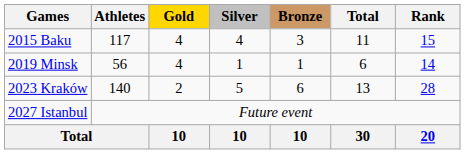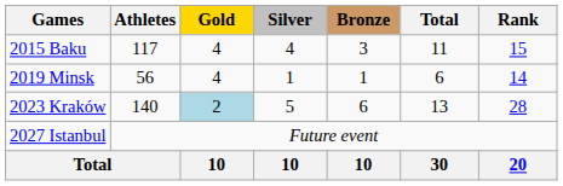 <table class="wikitable" style="text-align:center; font-size:90%;">
 <tr>
 <th>Games</th>
 <th>Athletes</th>
 <td style="background:gold; width:3.7em; font-weight:bold;">Gold</td>
 <td style="background:silver; width:3.7em; font-weight:bold;">Silver</td>
 <td style="background:#cc9966; width:3.7em; font-weight:bold;">Bronze</td>
 <th style="width:4em; font-weight:bold;">Total</th>
 <th style="width:4em; font-weight:bold;">Rank</th>
 </tr>
 <tr>
 <td align=left> <a href='#'>2015 Baku</a></td>
 <td>117</td>
 <td>4</td>
 <td>4</td>
 <td>3</td>
 <td>11</td>
 <td><a href='#'>15</a></td>
 </tr>
 <tr>
 <td align=left> <a href='#'>2019 Minsk</a></td>
 <td>56</td>
 <td>4</td>
 <td>1</td>
 <td>1</td>
 <td>6</td>
 <td><a href='#'>14</a></td>
 </tr>
 <tr>
 <td align=left> <a href='#'>2023 Kraków</a></td>
 <td>140</td>
-<td>2</td>
+<td style="background: lightblue;">2</td>
 <td>5</td>
 <td>6</td>
 <td>13</td>
 <td><a href='#'>28</a></td>
 </tr>
 <tr>
 <td align=left> <a href='#'>2027 Istanbul</a></td>
 <td colspan=6><em>Future event</em></td>
 </tr>
 <tr>
 <th colspan=2>Total</th>
 <th>10</th>
 <th>10</th>
 <th>10</th>
 <th>30</th>
 <th><a href='#'>20</a></th>
 </tr>
 </table>
